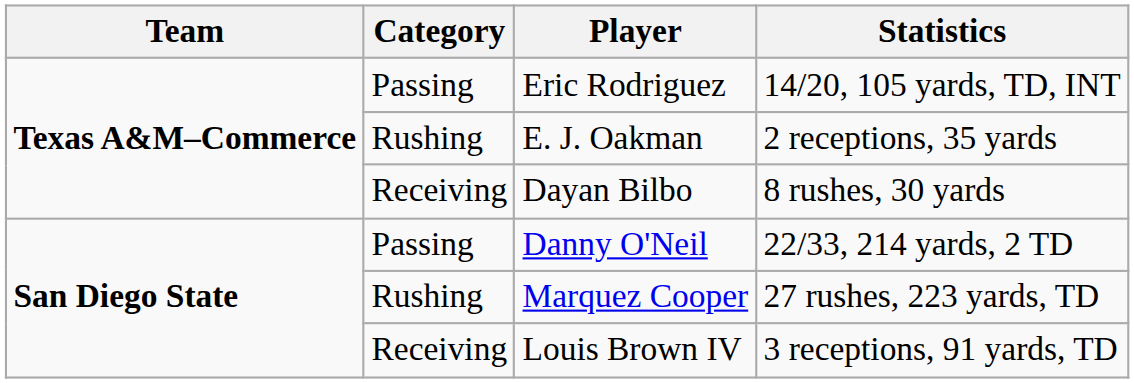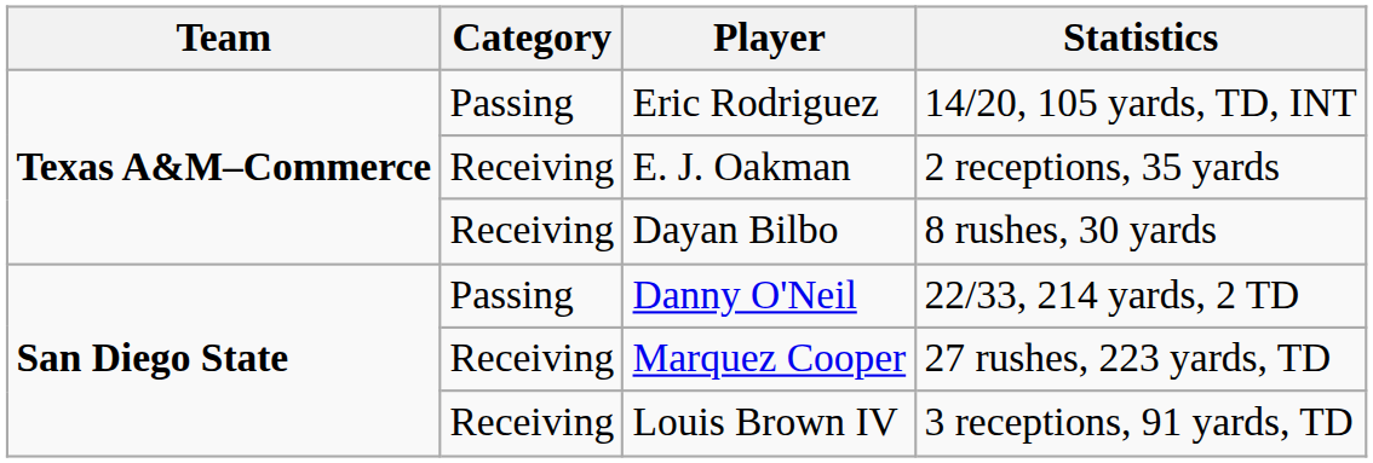 <table class="wikitable" style="float: right;">
 <tr>
 <th>Team</th>
 <th>Category</th>
 <th>Player</th>
 <th>Statistics</th>
 </tr>
 <tr>
 <td rowspan=3><strong>Texas A&M–Commerce</strong></td>
 <td>Passing</td>
 <td>Eric Rodriguez</td>
 <td>14/20, 105 yards, TD, INT</td>
 </tr>
 <tr>
-<td>Rushing</td>
+<td>Receiving</td>
 <td>E. J. Oakman</td>
 <td>2 receptions, 35 yards</td>
 </tr>
 <tr>
 <td>Receiving</td>
 <td>Dayan Bilbo</td>
 <td>8 rushes, 30 yards</td>
 </tr>
 <tr>
 <td rowspan=3><strong>San Diego State</strong></td>
 <td>Passing</td>
 <td><a href='#'>Danny O'Neil</a></td>
 <td>22/33, 214 yards, 2 TD</td>
 </tr>
 <tr>
-<td>Rushing</td>
+<td>Receiving</td>
 <td><a href='#'>Marquez Cooper</a></td>
 <td>27 rushes, 223 yards, TD</td>
 </tr>
 <tr>
 <td>Receiving</td>
 <td>Louis Brown IV</td>
 <td>3 receptions, 91 yards, TD</td>
 </tr>
 </table>
